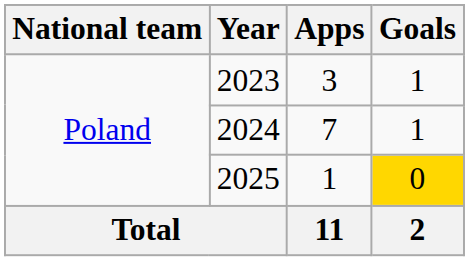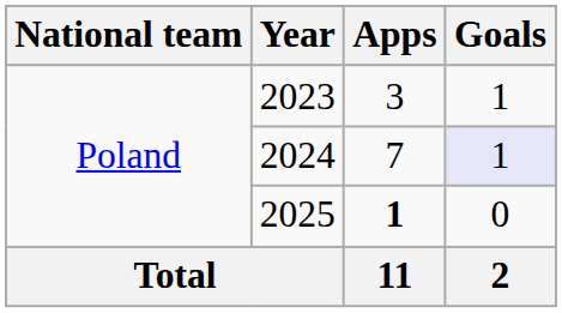 <table class="wikitable" style="text-align:center">
 <tr>
 <th>National team</th>
 <th>Year</th>
 <th>Apps</th>
 <th>Goals</th>
 </tr>
 <tr>
 <td rowspan="3"><a href='#'>Poland</a></td>
 <td>2023</td>
 <td>3</td>
 <td>1</td>
 </tr>
 <tr>
 <td>2024</td>
 <td>7</td>
-<td>1</td>
+<td style="background: lavender;">1</td>
 </tr>
 <tr>
 <td>2025</td>
-<td>1</td>
-<td style="background: gold;">0</td>
+<td><strong>1</strong></td>
+<td>0</td>
 </tr>
 <tr>
 <th colspan="2">Total</th>
 <th>11</th>
 <th>2</th>
 </tr>
 </table>
